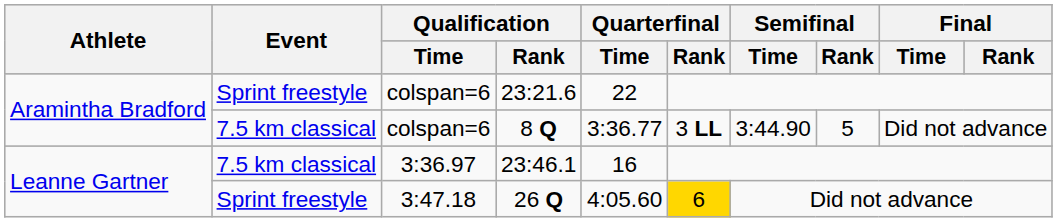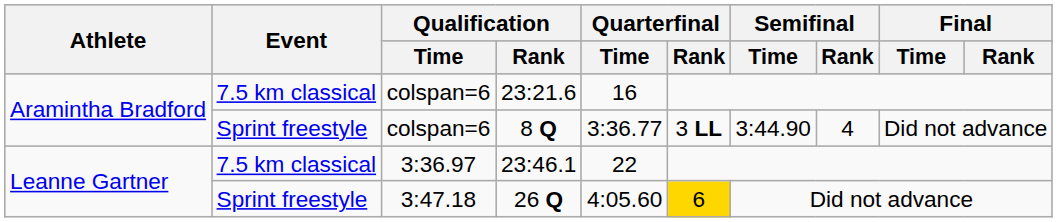 <table class="wikitable" style="font-size:90%">
 <tr>
 <th rowspan="2">Athlete</th>
 <th rowspan="2">Event</th>
 <th colspan="2">Qualification</th>
 <th colspan="2">Quarterfinal</th>
 <th colspan="2">Semifinal</th>
 <th colspan="2">Final</th>
 </tr>
 <tr style="font-size:95%">
 <th>Time</th>
 <th>Rank</th>
 <th>Time</th>
 <th>Rank</th>
 <th>Time</th>
 <th>Rank</th>
 <th>Time</th>
 <th>Rank</th>
 </tr>
 <tr align=center>
 <td align=left rowspan=2><a href='#'>Aramintha Bradford</a></td>
-<td align=left><a href='#'>Sprint freestyle</a></td>
+<td align=left><a href='#'>7.5 km classical</a></td>
 <td>colspan=6</td>
 <td>23:21.6</td>
-<td>22</td>
+<td>16</td>
 </tr>
 <tr align=center>
-<td align=left><a href='#'>7.5 km classical</a></td>
+<td align=left><a href='#'>Sprint freestyle</a></td>
 <td>colspan=6</td>
 <td>8 <strong>Q</strong></td>
 <td>3:36.77</td>
 <td>3 <strong>LL</strong></td>
 <td>3:44.90</td>
-<td>5</td>
+<td>4</td>
 <td colspan=2>Did not advance</td>
 </tr>
 <tr align=center>
 <td align=left rowspan=2><a href='#'>Leanne Gartner</a></td>
 <td align=left><a href='#'>7.5 km classical</a></td>
 <td>3:36.97</td>
 <td>23:46.1</td>
-<td>16</td>
+<td>22</td>
 </tr>
 <tr align=center>
 <td align=left><a href='#'>Sprint freestyle</a></td>
 <td>3:47.18</td>
 <td>26 <strong>Q</strong></td>
 <td>4:05.60</td>
 <td style="background: gold;">6</td>
 <td colspan=4>Did not advance</td>
 </tr>
 </table>
